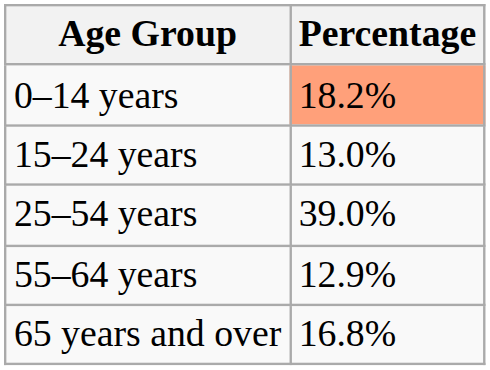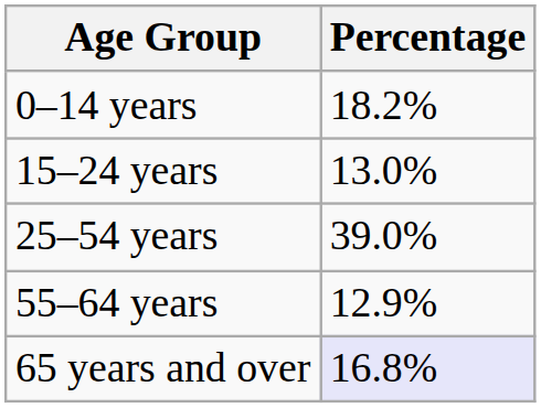 <table class="wikitable">
 <tr>
 <th>Age Group</th>
 <th>Percentage</th>
 </tr>
 <tr>
 <td>0–14 years</td>
-<td style="background: lightsalmon;">18.2%</td>
+<td>18.2%</td>
 </tr>
 <tr>
 <td>15–24 years</td>
 <td>13.0%</td>
 </tr>
 <tr>
 <td>25–54 years</td>
 <td>39.0%</td>
 </tr>
 <tr>
 <td>55–64 years</td>
 <td>12.9%</td>
 </tr>
 <tr>
 <td>65 years and over</td>
-<td>16.8%</td>
+<td style="background: lavender;">16.8%</td>
 </tr>
 </table>
